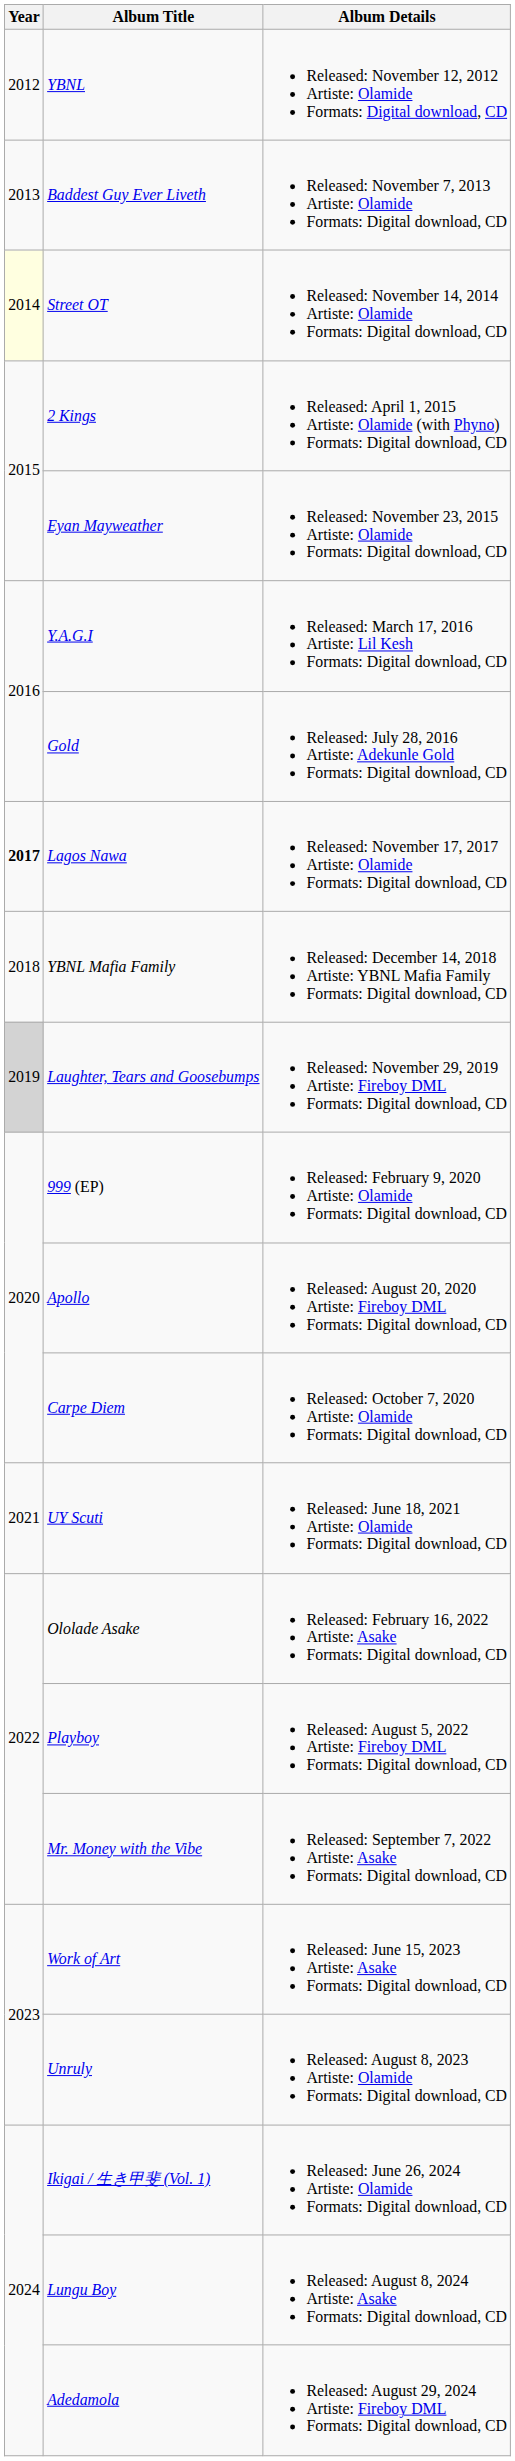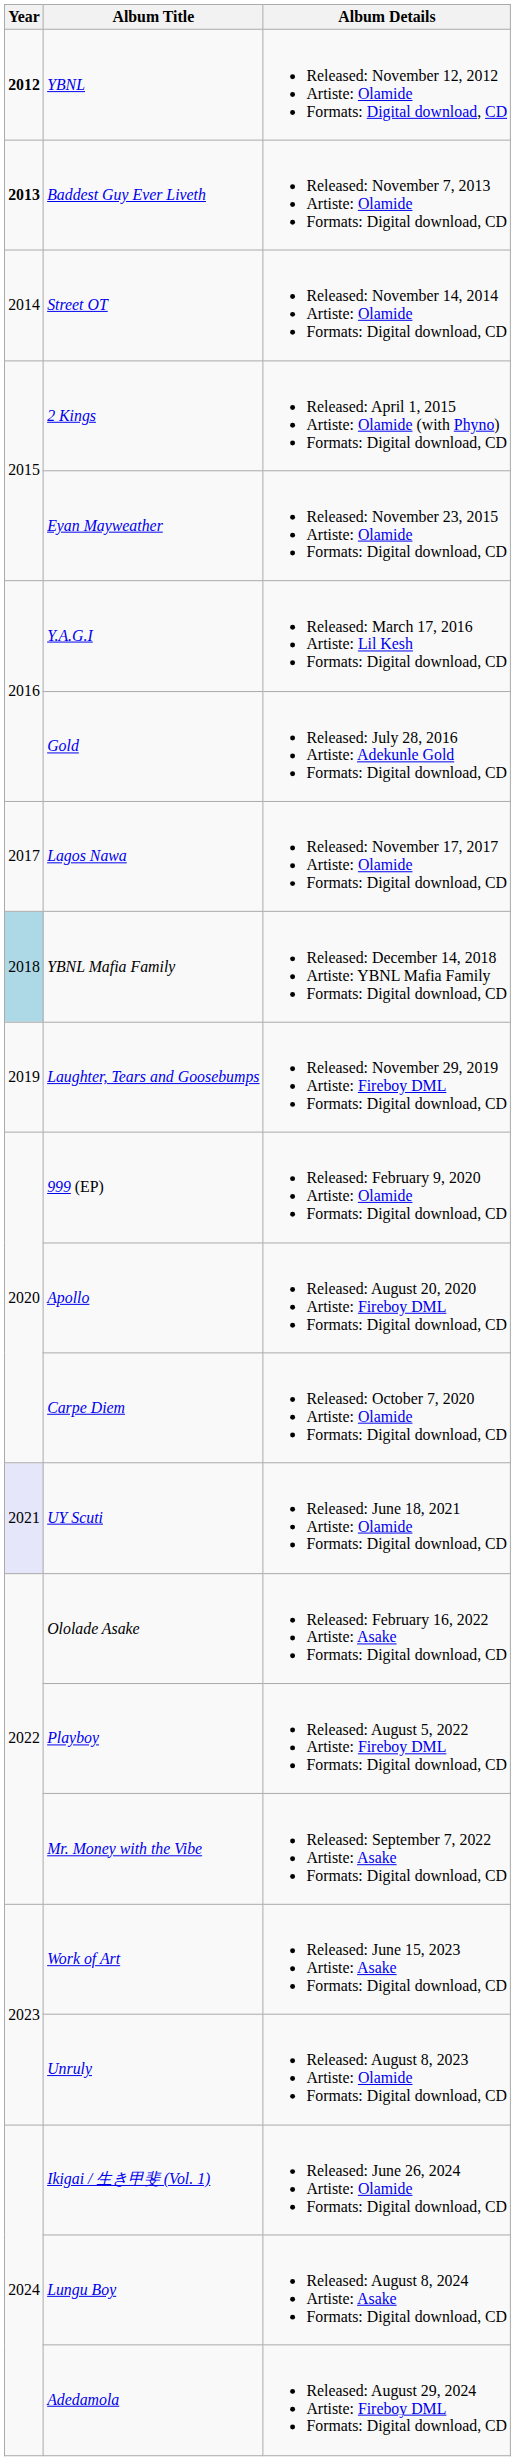 <table class="wikitable">
 <tr>
 <th>Year</th>
 <th>Album Title</th>
 <th>Album Details</th>
 </tr>
 <tr>
-<td>2012</td>
+<td><strong>2012</strong></td>
 <td><em><a href='#'>YBNL</a></em></td>
 <td><br><ul><li>Released: November 12, 2012</li><li>Artiste: <a href='#'>Olamide</a></li><li>Formats: <a href='#'>Digital download</a>, <a href='#'>CD</a></li></ul></td>
 </tr>
 <tr>
-<td>2013</td>
+<td><strong>2013</strong></td>
 <td><em><a href='#'>Baddest Guy Ever Liveth</a></em></td>
 <td><br><ul><li>Released: November 7, 2013</li><li>Artiste: <a href='#'>Olamide</a></li><li>Formats: Digital download, CD</li></ul></td>
 </tr>
 <tr>
-<td style="background: lightyellow;">2014</td>
+<td>2014</td>
 <td><em><a href='#'>Street OT</a></em></td>
 <td><br><ul><li>Released: November 14, 2014</li><li>Artiste: <a href='#'>Olamide</a></li><li>Formats: Digital download, CD</li></ul></td>
 </tr>
 <tr>
 <td rowspan="2">2015</td>
 <td><em><a href='#'>2 Kings</a></em></td>
 <td><br><ul><li>Released: April 1, 2015</li><li>Artiste: <a href='#'>Olamide</a> <span>(with <a href='#'>Phyno</a>)</span></li><li>Formats: Digital download, CD</li></ul></td>
 </tr>
 <tr>
 <td><em><a href='#'>Eyan Mayweather</a></em></td>
 <td><br><ul><li>Released: November 23, 2015</li><li>Artiste: <a href='#'>Olamide</a></li><li>Formats: Digital download, CD</li></ul></td>
 </tr>
 <tr>
 <td rowspan="2">2016</td>
 <td><em><a href='#'>Y.A.G.I</a></em></td>
 <td><br><ul><li>Released: March 17, 2016</li><li>Artiste: <a href='#'>Lil Kesh</a></li><li>Formats: Digital download, CD</li></ul></td>
 </tr>
 <tr>
 <td><em><a href='#'>Gold</a></em></td>
 <td><br><ul><li>Released: July 28, 2016</li><li>Artiste: <a href='#'>Adekunle Gold</a></li><li>Formats: Digital download, CD</li></ul></td>
 </tr>
 <tr>
-<td><strong>2017</strong></td>
+<td>2017</td>
 <td><em><a href='#'>Lagos Nawa</a></em></td>
 <td><br><ul><li>Released: November 17, 2017</li><li>Artiste: <a href='#'>Olamide</a></li><li>Formats: Digital download, CD</li></ul></td>
 </tr>
 <tr>
-<td>2018</td>
+<td style="background: lightblue;">2018</td>
 <td><em>YBNL Mafia Family</em></td>
 <td><br><ul><li>Released: December 14, 2018</li><li>Artiste: YBNL Mafia Family</li><li>Formats: Digital download, CD</li></ul></td>
 </tr>
 <tr>
-<td style="background: lightgrey;">2019</td>
+<td>2019</td>
 <td><em><a href='#'>Laughter, Tears and Goosebumps</a></em></td>
 <td><br><ul><li>Released: November 29, 2019</li><li>Artiste: <a href='#'>Fireboy DML</a></li><li>Formats: Digital download, CD</li></ul></td>
 </tr>
 <tr>
 <td rowspan="3">2020</td>
 <td><em><a href='#'>999</a></em> (EP)</td>
 <td><br><ul><li>Released: February 9, 2020</li><li>Artiste: <a href='#'>Olamide</a></li><li>Formats: Digital download, CD</li></ul></td>
 </tr>
 <tr>
 <td><em><a href='#'>Apollo</a></em></td>
 <td><br><ul><li>Released: August 20, 2020</li><li>Artiste: <a href='#'>Fireboy DML</a></li><li>Formats: Digital download, CD</li></ul></td>
 </tr>
 <tr>
 <td><em><a href='#'>Carpe Diem</a></em></td>
 <td><br><ul><li>Released: October 7, 2020</li><li>Artiste: <a href='#'>Olamide</a></li><li>Formats: Digital download, CD</li></ul></td>
 </tr>
 <tr>
-<td>2021</td>
+<td style="background: lavender;">2021</td>
 <td><em><a href='#'>UY Scuti</a></em></td>
 <td><br><ul><li>Released: June 18, 2021</li><li>Artiste: <a href='#'>Olamide</a></li><li>Formats: Digital download, CD</li></ul></td>
 </tr>
 <tr>
 <td rowspan="3">2022</td>
 <td><em>Ololade Asake</em></td>
 <td><br><ul><li>Released: February 16, 2022</li><li>Artiste: <a href='#'>Asake</a></li><li>Formats: Digital download, CD</li></ul></td>
 </tr>
 <tr>
 <td><em><a href='#'>Playboy</a></em></td>
 <td><br><ul><li>Released: August 5, 2022</li><li>Artiste: <a href='#'>Fireboy DML</a></li><li>Formats: Digital download, CD</li></ul></td>
 </tr>
 <tr>
 <td><em><a href='#'>Mr. Money with the Vibe</a></em></td>
 <td><br><ul><li>Released: September 7, 2022</li><li>Artiste: <a href='#'>Asake</a></li><li>Formats: Digital download, CD</li></ul></td>
 </tr>
 <tr>
 <td rowspan="2">2023</td>
 <td><em><a href='#'>Work of Art</a></em></td>
 <td><br><ul><li>Released: June 15, 2023</li><li>Artiste: <a href='#'>Asake</a></li><li>Formats: Digital download, CD</li></ul></td>
 </tr>
 <tr>
 <td><em><a href='#'>Unruly</a></em></td>
 <td><br><ul><li>Released: August 8, 2023</li><li>Artiste: <a href='#'>Olamide</a></li><li>Formats: Digital download, CD</li></ul></td>
 </tr>
 <tr>
 <td rowspan="3">2024</td>
 <td><em><a href='#'>Ikigai / 生き甲斐 (Vol. 1)</a></em></td>
 <td><br><ul><li>Released: June 26, 2024</li><li>Artiste: <a href='#'>Olamide</a></li><li>Formats: Digital download, CD</li></ul></td>
 </tr>
 <tr>
 <td><em><a href='#'>Lungu Boy</a></em></td>
 <td><br><ul><li>Released: August 8, 2024</li><li>Artiste: <a href='#'>Asake</a></li><li>Formats: Digital download, CD</li></ul></td>
 </tr>
 <tr>
 <td><em><a href='#'>Adedamola</a></em></td>
 <td><br><ul><li>Released: August 29, 2024</li><li>Artiste: <a href='#'>Fireboy DML</a></li><li>Formats: Digital download, CD</li></ul></td>
 </tr>
 </table>
